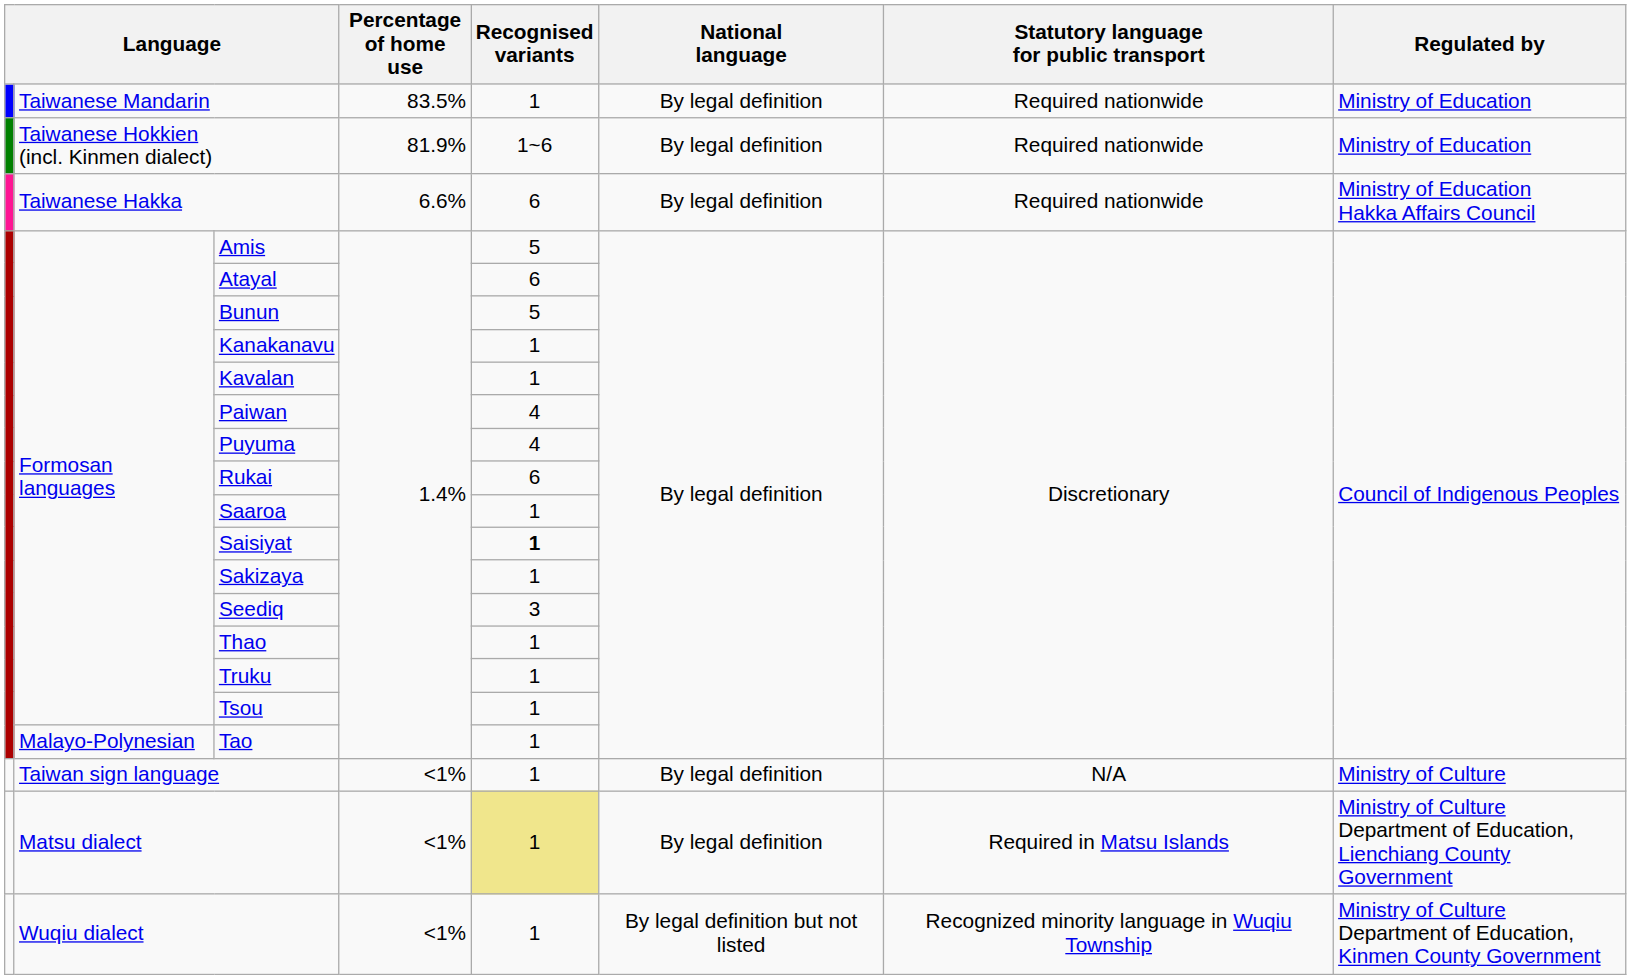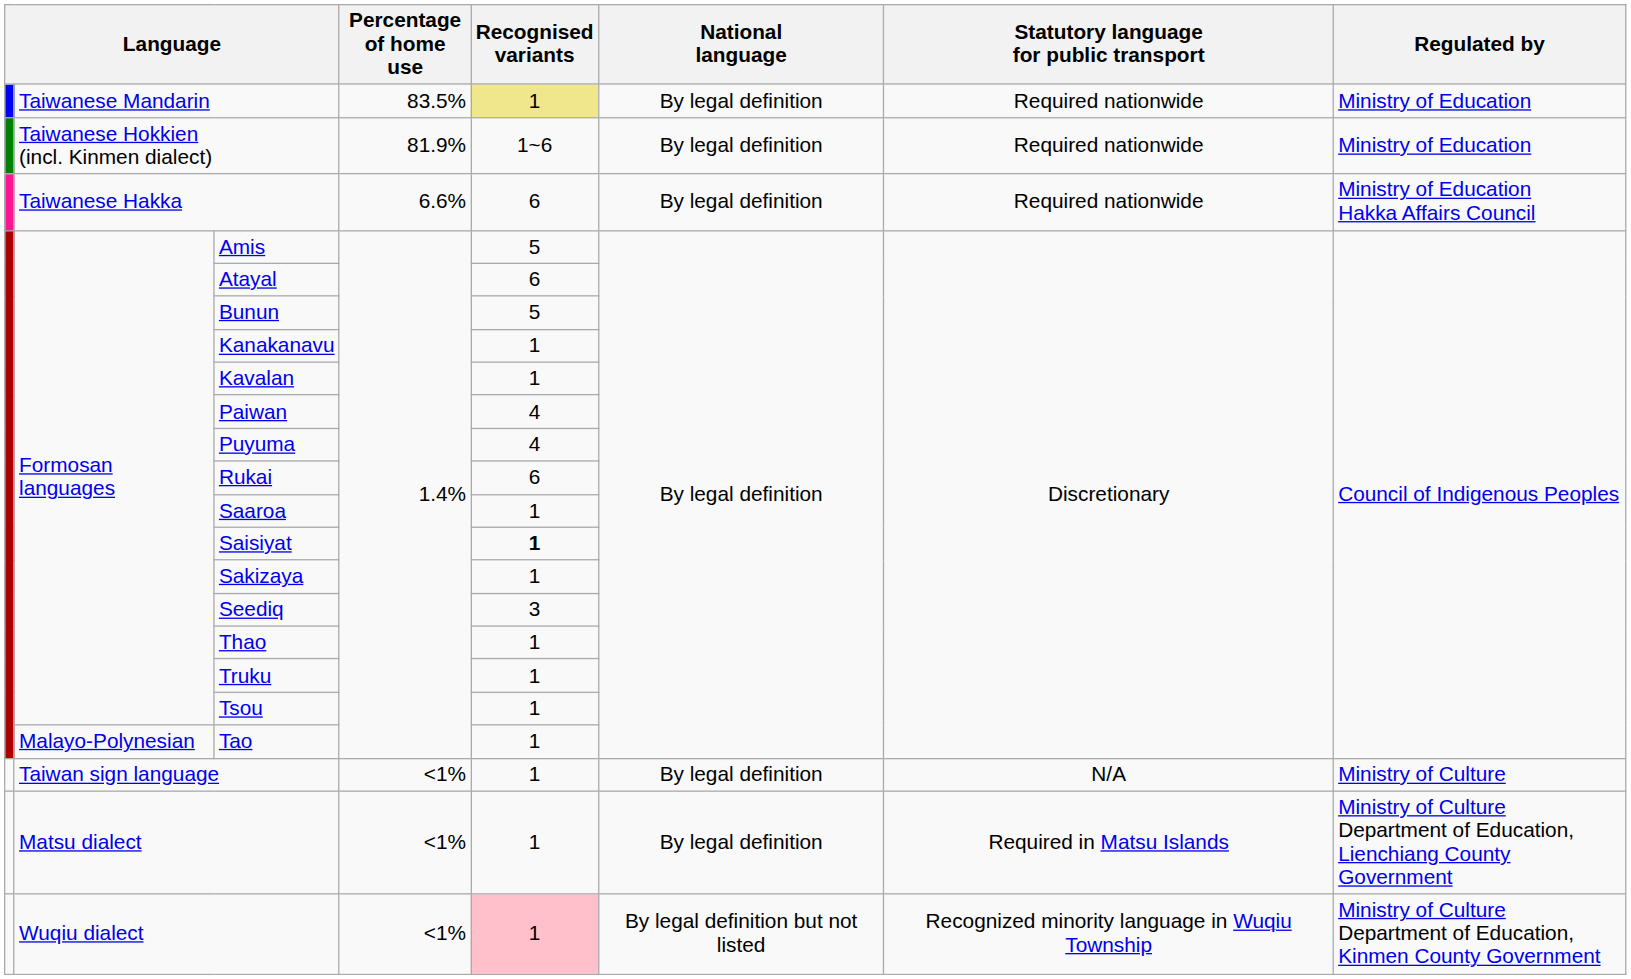 <table class=wikitable>
 <tr>
 <th colspan=3>Language</th>
 <th>Percentage<br>of home use</th>
 <th>Recognised<br>variants</th>
 <th>National<br>language</th>
 <th>Statutory language<br>for public transport</th>
 <th>Regulated by</th>
 </tr>
 <tr>
 <td bgcolor=blue></td>
 <td colspan=2><a href='#'>Taiwanese Mandarin</a></td>
 <td align=right>83.5%</td>
-<td align=center>1</td>
+<td align=center style="background: khaki;">1</td>
 <td align="center">By legal definition</td>
 <td align=center>Required nationwide</td>
 <td><a href='#'>Ministry of Education</a></td>
 </tr>
 <tr>
 <td bgcolor=green></td>
 <td colspan=2><a href='#'>Taiwanese Hokkien</a><br>(incl. Kinmen dialect)</td>
 <td align=right>81.9%</td>
 <td align=center>1~6</td>
 <td align="center">By legal definition</td>
 <td align=center>Required nationwide</td>
 <td><a href='#'>Ministry of Education</a></td>
 </tr>
 <tr>
 <td bgcolor=DeepPink></td>
 <td colspan=2><a href='#'>Taiwanese Hakka</a></td>
 <td align=right>6.6%</td>
 <td align=center>6</td>
 <td align="center">By legal definition</td>
 <td align=center>Required nationwide</td>
 <td><a href='#'>Ministry of Education</a><br><a href='#'>Hakka Affairs Council</a></td>
 </tr>
 <tr>
 <td rowspan=16 bgcolor=macroon></td>
 <td rowspan="15"><a href='#'>Formosan languages</a></td>
 <td><a href='#'>Amis</a></td>
 <td rowspan=16 align=right>1.4%</td>
 <td align=center>5</td>
 <td rowspan="16" align="center">By legal definition</td>
 <td rowspan=16 align=center>Discretionary</td>
 <td rowspan=16><a href='#'>Council of Indigenous Peoples</a></td>
 </tr>
 <tr>
 <td><a href='#'>Atayal</a></td>
 <td align=center>6</td>
 </tr>
 <tr>
 <td><a href='#'>Bunun</a></td>
 <td align=center>5</td>
 </tr>
 <tr>
 <td><a href='#'>Kanakanavu</a></td>
 <td align=center>1</td>
 </tr>
 <tr>
 <td><a href='#'>Kavalan</a></td>
 <td align=center>1</td>
 </tr>
 <tr>
 <td><a href='#'>Paiwan</a></td>
 <td align=center>4</td>
 </tr>
 <tr>
 <td><a href='#'>Puyuma</a></td>
 <td align=center>4</td>
 </tr>
 <tr>
 <td><a href='#'>Rukai</a></td>
 <td align=center>6</td>
 </tr>
 <tr>
 <td><a href='#'>Saaroa</a></td>
 <td align=center>1</td>
 </tr>
 <tr>
 <td><a href='#'>Saisiyat</a></td>
 <td align=center><strong>1</strong></td>
 </tr>
 <tr>
 <td><a href='#'>Sakizaya</a></td>
 <td align=center>1</td>
 </tr>
 <tr>
 <td><a href='#'>Seediq</a></td>
 <td align=center>3</td>
 </tr>
 <tr>
 <td><a href='#'>Thao</a></td>
 <td align=center>1</td>
 </tr>
 <tr>
 <td><a href='#'>Truku</a></td>
 <td align=center>1</td>
 </tr>
 <tr>
 <td><a href='#'>Tsou</a></td>
 <td align=center>1</td>
 </tr>
 <tr>
 <td><a href='#'>Malayo-Polynesian</a></td>
 <td><a href='#'>Tao</a></td>
 <td align=center>1</td>
 </tr>
 <tr>
 <td></td>
 <td colspan=2><a href='#'>Taiwan sign language</a></td>
 <td align=right><1%</td>
 <td align=center>1</td>
 <td align="center">By legal definition</td>
 <td align=center>N/A</td>
 <td><a href='#'>Ministry of Culture</a></td>
 </tr>
 <tr>
 <td></td>
 <td colspan=2><a href='#'>Matsu dialect</a></td>
 <td align=right><1%</td>
-<td align=center style="background: khaki;">1</td>
+<td align=center>1</td>
 <td align="center">By legal definition</td>
 <td align=center>Required in <a href='#'>Matsu Islands</a></td>
 <td><a href='#'>Ministry of Culture</a><br>Department of Education,<br><a href='#'>Lienchiang County Government</a></td>
 </tr>
 <tr>
 <td></td>
 <td colspan=2><a href='#'>Wuqiu dialect</a></td>
 <td align=right><1%</td>
-<td align=center>1</td>
+<td align=center style="background: pink;">1</td>
 <td align="center">By legal definition but not listed</td>
 <td align=center>Recognized minority language in <a href='#'>Wuqiu Township</a></td>
 <td><a href='#'>Ministry of Culture</a><br>Department of Education,<br><a href='#'>Kinmen County Government</a></td>
 </tr>
 </table>
